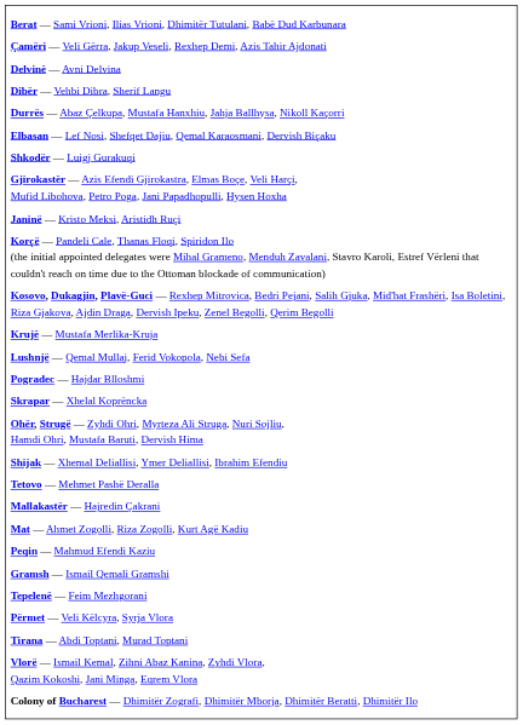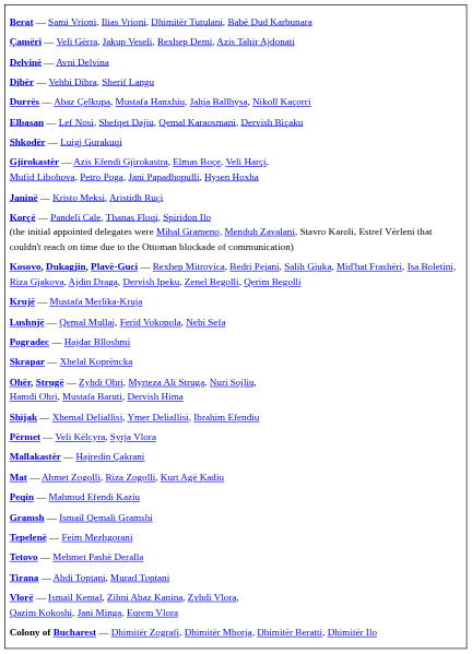 <table cellpadding="1" cellspacing="5" style="border:1px solid #000000; font-size:85%; line-height: 1.5em;" width="50%">
 <tr>
 <td align="center"></td>
 </tr>
 <tr>
 <td><strong><a href='#'>Berat</a></strong> — <a href='#'>Sami Vrioni</a>, <a href='#'>Ilias Vrioni</a>, <a href='#'>Dhimitër Tutulani</a>, <a href='#'>Babë Dud Karbunara</a></td>
 </tr>
 <tr>
 <td><strong><a href='#'>Çamëri</a></strong> — <a href='#'>Veli Gërra</a>, <a href='#'>Jakup Veseli</a>, <a href='#'>Rexhep Demi</a>, <a href='#'>Azis Tahir Ajdonati</a></td>
 </tr>
 <tr>
 <td><strong><a href='#'>Delvinë</a></strong> — <a href='#'>Avni Delvina</a></td>
 </tr>
 <tr>
 <td><strong><a href='#'>Dibër</a></strong> — <a href='#'>Vehbi Dibra</a>, <a href='#'>Sherif Langu</a></td>
 </tr>
 <tr>
 <td><strong><a href='#'>Durrës</a></strong> — <a href='#'>Abaz Çelkupa</a>, <a href='#'>Mustafa Hanxhiu</a>, <a href='#'>Jahja Ballhysa</a>, <a href='#'>Nikoll Kaçorri</a></td>
 </tr>
 <tr>
 <td><strong><a href='#'>Elbasan</a></strong> — <a href='#'>Lef Nosi</a>, <a href='#'>Shefqet Dajiu</a>, <a href='#'>Qemal Karaosmani</a>, <a href='#'>Dervish Biçaku</a></td>
 </tr>
 <tr>
 <td><strong><a href='#'>Shkodër</a></strong> — <a href='#'>Luigj Gurakuqi</a></td>
 </tr>
 <tr>
 <td><strong><a href='#'>Gjirokastër</a></strong> — <a href='#'>Azis Efendi Gjirokastra</a>, <a href='#'>Elmas Boçe</a>, <a href='#'>Veli Harçi</a>, <br><a href='#'>Mufid Libohova</a>, <a href='#'>Petro Poga</a>, <a href='#'>Jani Papadhopulli</a>, <a href='#'>Hysen Hoxha</a></td>
 </tr>
 <tr>
 <td><strong><a href='#'>Janinë</a></strong> — <a href='#'>Kristo Meksi</a>, <a href='#'>Aristidh Ruçi</a></td>
 </tr>
 <tr>
 <td><strong><a href='#'>Korçë</a></strong> — <a href='#'>Pandeli Cale</a>, <a href='#'>Thanas Floqi</a>, <a href='#'>Spiridon Ilo</a> <br>(the initial appointed delegates were <a href='#'>Mihal Grameno</a>, <a href='#'>Menduh Zavalani</a>, Stavro Karoli, Estref Vërleni that couldn't reach on time due to the Ottoman blockade of communication)</td>
 </tr>
 <tr>
 <td><strong><a href='#'>Kosovo</a>, <a href='#'>Dukagjin</a>, <a href='#'>Plavë-Guci</a></strong> — <a href='#'>Rexhep Mitrovica</a>, <a href='#'>Bedri Pejani</a>, <a href='#'>Salih Gjuka</a>, <a href='#'>Mid'hat Frashëri</a>, <a href='#'>Isa Boletini</a>, <a href='#'>Riza Gjakova</a>, <a href='#'>Ajdin Draga</a>, <a href='#'>Dervish Ipeku</a>, <a href='#'>Zenel Begolli</a>, <a href='#'>Qerim Begolli</a></td>
 </tr>
 <tr>
 <td><strong><a href='#'>Krujë</a></strong> — <a href='#'>Mustafa Merlika-Kruja</a></td>
 </tr>
 <tr>
 <td><strong><a href='#'>Lushnjë</a></strong> — <a href='#'>Qemal Mullaj</a>, <a href='#'>Ferid Vokopola</a>, <a href='#'>Nebi Sefa</a></td>
 </tr>
 <tr>
 <td><strong><a href='#'>Pogradec</a></strong> — <a href='#'>Hajdar Blloshmi</a></td>
 </tr>
 <tr>
 <td><strong><a href='#'>Skrapar</a></strong> — <a href='#'>Xhelal Koprëncka</a></td>
 </tr>
 <tr>
 <td><strong><a href='#'>Ohër</a>, <a href='#'>Strugë</a></strong> — <a href='#'>Zyhdi Ohri</a>, <a href='#'>Myrteza Ali Struga</a>, <a href='#'>Nuri Sojliu</a>, <br><a href='#'>Hamdi Ohri</a>, <a href='#'>Mustafa Baruti</a>, <a href='#'>Dervish Hima</a></td>
 </tr>
 <tr>
 <td><strong><a href='#'>Shijak</a></strong> — <a href='#'>Xhemal Deliallisi</a>, <a href='#'>Ymer Deliallisi</a>, <a href='#'>Ibrahim Efendiu</a></td>
 </tr>
 <tr>
-<td><strong><a href='#'>Tetovo</a></strong> — <a href='#'>Mehmet Pashë Deralla</a></td>
+<td><strong><a href='#'>Përmet</a></strong> — <a href='#'>Veli Këlcyra</a>, <a href='#'>Syrja Vlora</a></td>
 </tr>
 <tr>
 <td><strong><a href='#'>Mallakastër</a></strong> — <a href='#'>Hajredin Çakrani</a></td>
 </tr>
 <tr>
 <td><strong><a href='#'>Mat</a></strong> — <a href='#'>Ahmet Zogolli</a>, <a href='#'>Riza Zogolli</a>, <a href='#'>Kurt Agë Kadiu</a></td>
 </tr>
 <tr>
 <td><strong><a href='#'>Peqin</a></strong> — <a href='#'>Mahmud Efendi Kaziu</a></td>
 </tr>
 <tr>
 <td><strong><a href='#'>Gramsh</a></strong> — <a href='#'>Ismail Qemali Gramshi</a></td>
 </tr>
 <tr>
 <td><strong><a href='#'>Tepelenë</a></strong> — <a href='#'>Feim Mezhgorani</a></td>
 </tr>
 <tr>
-<td><strong><a href='#'>Përmet</a></strong> — <a href='#'>Veli Këlcyra</a>, <a href='#'>Syrja Vlora</a></td>
+<td><strong><a href='#'>Tetovo</a></strong> — <a href='#'>Mehmet Pashë Deralla</a></td>
 </tr>
 <tr>
 <td><strong><a href='#'>Tirana</a></strong> — <a href='#'>Abdi Toptani</a>, <a href='#'>Murad Toptani</a></td>
 </tr>
 <tr>
 <td><strong><a href='#'>Vlorë</a></strong> — <a href='#'>Ismail Kemal</a>, <a href='#'>Zihni Abaz Kanina</a>, <a href='#'>Zyhdi Vlora</a>, <br><a href='#'>Qazim Kokoshi</a>, <a href='#'>Jani Minga</a>, <a href='#'>Eqrem Vlora</a></td>
 </tr>
 <tr>
 <td><strong>Colony of <a href='#'>Bucharest</a></strong> — <a href='#'>Dhimitër Zografi</a>, <a href='#'>Dhimitër Mborja</a>, <a href='#'>Dhimitër Beratti</a>, <a href='#'>Dhimitër Ilo</a></td>
 </tr>
 <tr>
 </tr>
 </table>
